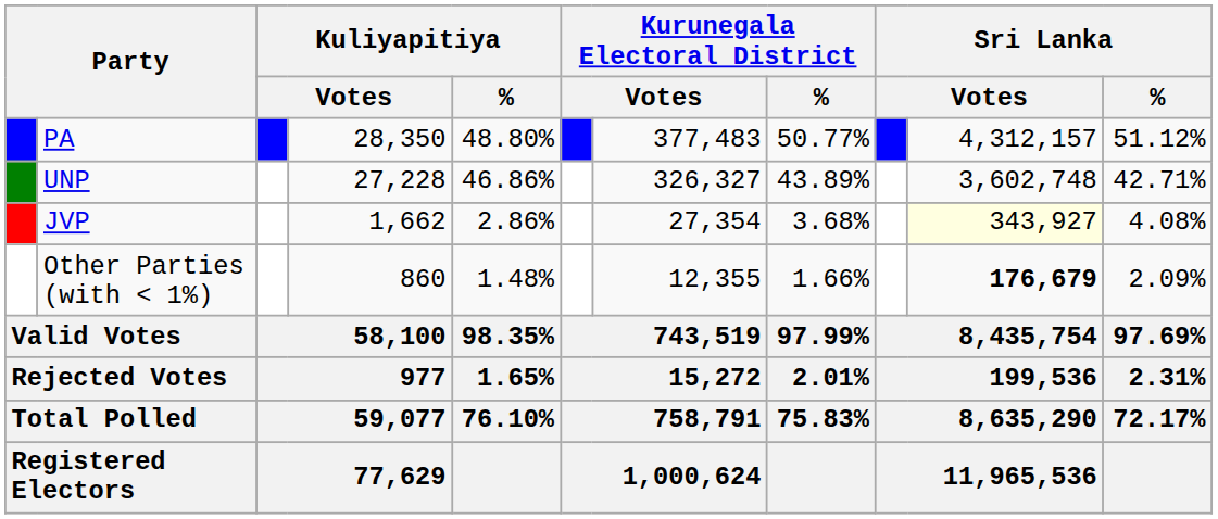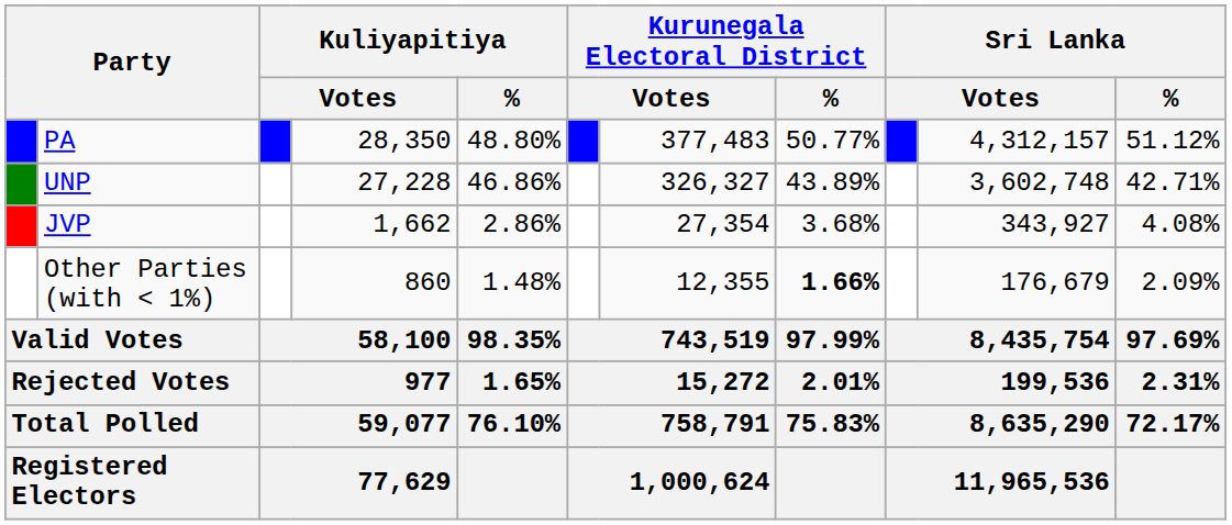 <table class="wikitable">
 <tr>
 <th colspan="2" width="144px"rowspan="2">Party</th>
 <th colspan="3" width="216px">Kuliyapitiya</th>
 <th colspan="3" width="216px"><a href='#'>Kurunegala Electoral District</a></th>
 <th colspan="3" width="216px">Sri Lanka</th>
 </tr>
 <tr>
 <th colspan="2" width="144px">Votes</th>
 <th>%</th>
 <th colspan="2" width="144px">Votes</th>
 <th>%</th>
 <th colspan="2" width="144px">Votes</th>
 <th>%</th>
 </tr>
 <tr>
 <td style="background-color:blue;" width="10px"></td>
 <td style="text-align:left;"><a href='#'>PA</a></td>
 <td style="background-color:blue;" width="10px"></td>
 <td style="text-align:right;">28,350</td>
 <td style="text-align:right;">48.80%</td>
 <td style="background-color:blue;" width="10px"></td>
 <td style="text-align:right;">377,483</td>
 <td style="text-align:right;">50.77%</td>
 <td style="background-color:blue;" width="10px"></td>
 <td style="text-align:right;">4,312,157</td>
 <td style="text-align:right;">51.12%</td>
 </tr>
 <tr>
 <td style="background-color:green;" width="10px"></td>
 <td style="text-align:left;"><a href='#'>UNP</a></td>
 <td style="background-color:white;" width="10px"></td>
 <td style="text-align:right;">27,228</td>
 <td style="text-align:right;">46.86%</td>
 <td style="background-color:white;" width="10px"></td>
 <td style="text-align:right;">326,327</td>
 <td style="text-align:right;">43.89%</td>
 <td style="background-color:white;" width="10px"></td>
 <td style="text-align:right;">3,602,748</td>
 <td style="text-align:right;">42.71%</td>
 </tr>
 <tr>
 <td style="background-color:red;" width="10px"></td>
 <td style="text-align:left;"><a href='#'>JVP</a></td>
 <td style="background-color:white;" width="10px"></td>
 <td style="text-align:right;">1,662</td>
 <td style="text-align:right;">2.86%</td>
 <td style="background-color:white;" width="10px"></td>
 <td style="text-align:right;">27,354</td>
 <td style="text-align:right;">3.68%</td>
 <td style="background-color:white;" width="10px"></td>
-<td style="background: lightyellow; text-align:right;">343,927</td>
+<td style="text-align:right;">343,927</td>
 <td style="text-align:right;">4.08%</td>
 </tr>
 <tr>
 <td style="background-color:white;" width="10px"></td>
 <td style="text-align:left;">Other Parties (with < 1%)</td>
 <td style="background-color:white;" width="10px"></td>
 <td style="text-align:right;">860</td>
 <td style="text-align:right;">1.48%</td>
 <td style="background-color:white;" width="10px"></td>
 <td style="text-align:right;">12,355</td>
-<td style="text-align:right;">1.66%</td>
+<td style="text-align:right;"><strong>1.66%</strong></td>
 <td style="background-color:white;" width="10px"></td>
-<td style="text-align:right;"><strong>176,679</strong></td>
+<td style="text-align:right;">176,679</td>
 <td style="text-align:right;">2.09%</td>
 </tr>
 <tr>
 <th colspan="2" width="144px"style="text-align:left;">Valid Votes</th>
 <th style="text-align:right;"colspan="2" width="144px">58,100</th>
 <th style="text-align:right;">98.35%</th>
 <th style="text-align:right;"colspan="2" width="144px">743,519</th>
 <th style="text-align:right;">97.99%</th>
 <th style="text-align:right;"colspan="2" width="144px">8,435,754</th>
 <th style="text-align:right;">97.69%</th>
 </tr>
 <tr>
 <th colspan="2" width="144px"style="text-align:left;">Rejected Votes</th>
 <th style="text-align:right;"colspan="2" width="144px">977</th>
 <th style="text-align:right;">1.65%</th>
 <th style="text-align:right;"colspan="2" width="144px">15,272</th>
 <th style="text-align:right;">2.01%</th>
 <th style="text-align:right;"colspan="2" width="144px">199,536</th>
 <th style="text-align:right;">2.31%</th>
 </tr>
 <tr>
 <th colspan="2" width="144px"style="text-align:left;">Total Polled</th>
 <th style="text-align:right;"colspan="2" width="144px">59,077</th>
 <th style="text-align:right;">76.10%</th>
 <th style="text-align:right;"colspan="2" width="144px">758,791</th>
 <th style="text-align:right;">75.83%</th>
 <th style="text-align:right;"colspan="2" width="144px">8,635,290</th>
 <th style="text-align:right;">72.17%</th>
 </tr>
 <tr>
 <th colspan="2" width="144px"style="text-align:left;">Registered Electors</th>
 <th style="text-align:right;"colspan="2" width="144px">77,629</th>
 <th></th>
 <th style="text-align:right;"colspan="2" width="144px">1,000,624</th>
 <th></th>
 <th style="text-align:right;"colspan="2" width="144px">11,965,536</th>
 <th></th>
 </tr>
 </table>
